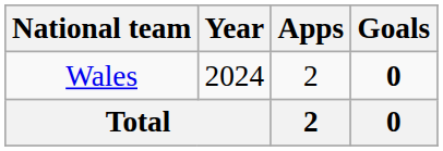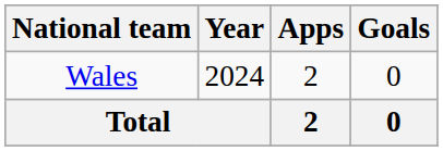 <table class="wikitable" style="text-align:center">
 <tr>
 <th>National team</th>
 <th>Year</th>
 <th>Apps</th>
 <th>Goals</th>
 </tr>
 <tr>
 <td><a href='#'>Wales</a></td>
 <td>2024</td>
 <td>2</td>
-<td><strong>0</strong></td>
+<td>0</td>
 </tr>
 <tr>
 <th colspan="2">Total</th>
 <th>2</th>
 <th>0</th>
 </tr>
 </table>
